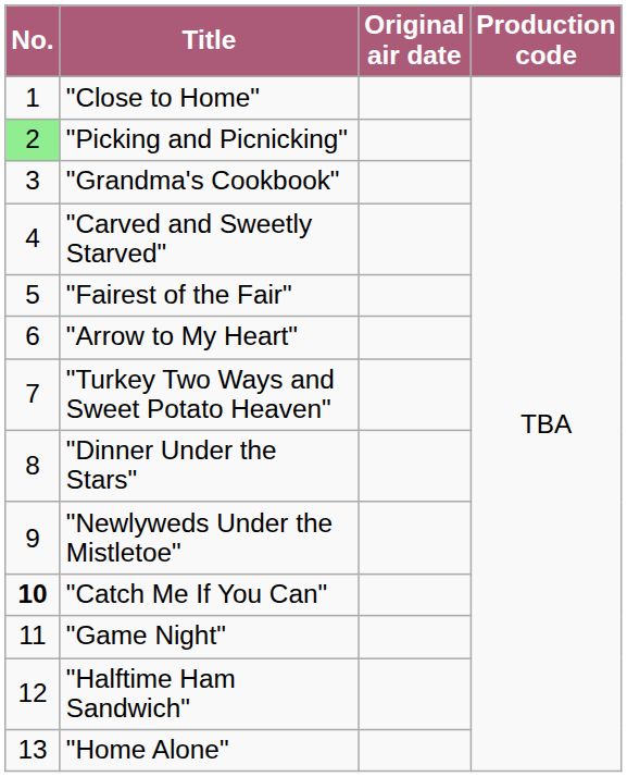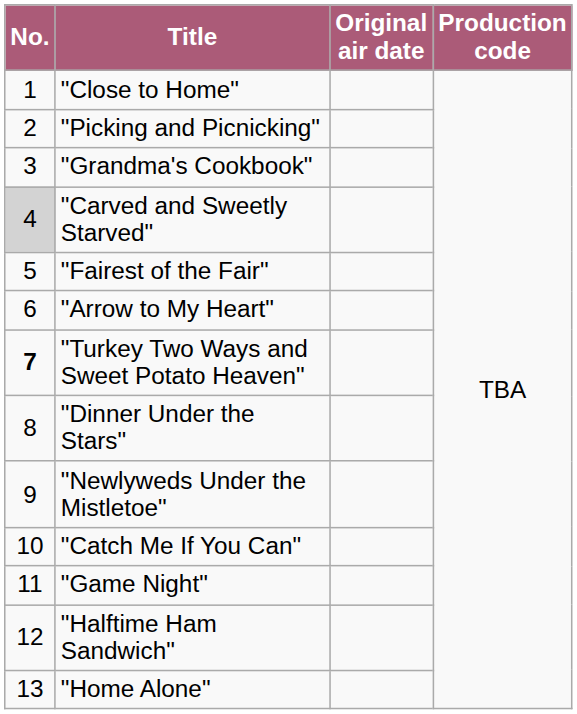 <table class="wikitable plainrowheaders" style="width:60%;">
 <tr>
 <th style="background-color: #ab5b78; color: #FFFFFF;" width=5%>No.</th>
 <th style="background-color: #ab5b78; color: #FFFFFF;" width=60%>Title</th>
 <th style="background-color: #ab5b78; color: #FFFFFF;">Original air date</th>
 <th style="background-color: #ab5b78; color: #FFFFFF;">Production code</th>
 </tr>
 <tr>
 <td align=center>1</td>
 <td>"Close to Home"</td>
 <td align=center></td>
 <td align=center rowspan=13>TBA</td>
 </tr>
 <tr>
-<td align=center style="background: lightgreen;">2</td>
+<td align=center>2</td>
 <td>"Picking and Picnicking"</td>
 <td align=center></td>
 </tr>
 <tr>
 <td align=center>3</td>
 <td>"Grandma's Cookbook"</td>
 <td align=center></td>
 </tr>
 <tr>
-<td align=center>4</td>
+<td align=center style="background: lightgrey;">4</td>
 <td>"Carved and Sweetly Starved"</td>
 <td align=center></td>
 </tr>
 <tr>
 <td align=center>5</td>
 <td>"Fairest of the Fair"</td>
 <td align=center></td>
 </tr>
 <tr>
 <td align=center>6</td>
 <td>"Arrow to My Heart"</td>
 <td align=center></td>
 </tr>
 <tr>
-<td align=center>7</td>
+<td align=center><strong>7</strong></td>
 <td>"Turkey Two Ways and Sweet Potato Heaven"</td>
 <td align=center></td>
 </tr>
 <tr>
 <td align=center>8</td>
 <td>"Dinner Under the Stars"</td>
 <td align=center></td>
 </tr>
 <tr>
 <td align=center>9</td>
 <td>"Newlyweds Under the Mistletoe"</td>
 <td align=center></td>
 </tr>
 <tr>
-<td align=center><strong>10</strong></td>
+<td align=center>10</td>
 <td>"Catch Me If You Can"</td>
 <td align=center></td>
 </tr>
 <tr>
 <td align=center>11</td>
 <td>"Game Night"</td>
 <td align=center></td>
 </tr>
 <tr>
 <td align=center>12</td>
 <td>"Halftime Ham Sandwich"</td>
 <td align=center></td>
 </tr>
 <tr>
 <td align=center>13</td>
 <td>"Home Alone"</td>
 <td align=center></td>
 </tr>
 </table>
